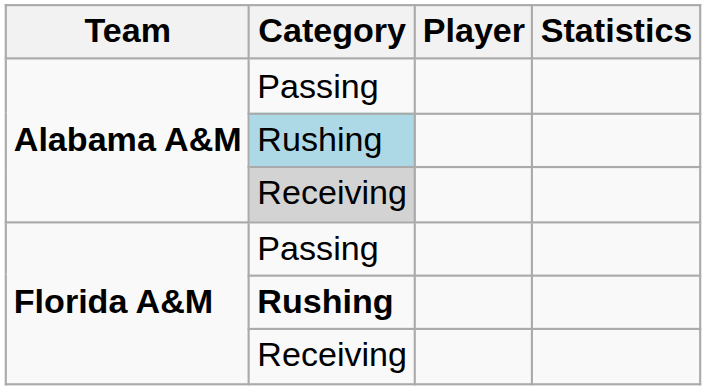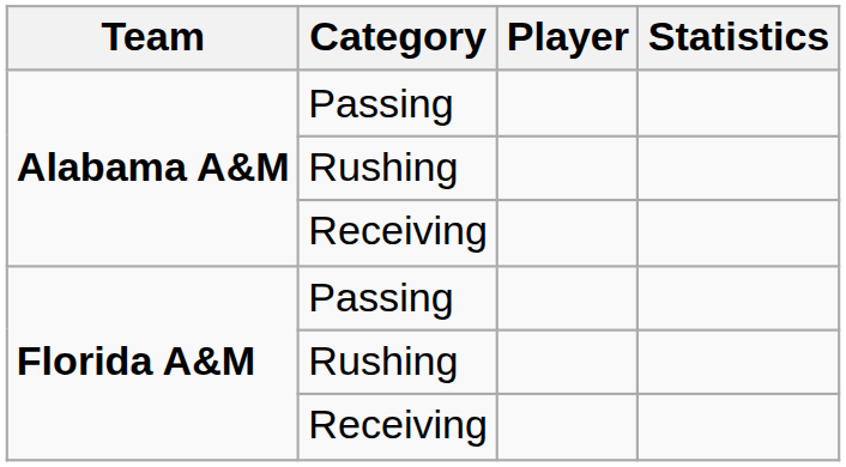 <table class="wikitable" style="float: right;">
 <tr>
 <th>Team</th>
 <th>Category</th>
 <th>Player</th>
 <th>Statistics</th>
 </tr>
 <tr>
 <td rowspan=3><strong>Alabama A&M</strong></td>
 <td>Passing</td>
 <td></td>
 <td></td>
 </tr>
 <tr>
-<td style="background: lightblue;">Rushing</td>
+<td>Rushing</td>
 <td></td>
 <td></td>
 </tr>
 <tr>
-<td style="background: lightgrey;">Receiving</td>
+<td>Receiving</td>
 <td></td>
 <td></td>
 </tr>
 <tr>
 <td rowspan=3><strong>Florida A&M</strong></td>
 <td>Passing</td>
 <td></td>
 <td></td>
 </tr>
 <tr>
-<td><strong>Rushing</strong></td>
+<td>Rushing</td>
 <td></td>
 <td></td>
 </tr>
 <tr>
 <td>Receiving</td>
 <td></td>
 <td></td>
 </tr>
 </table>
